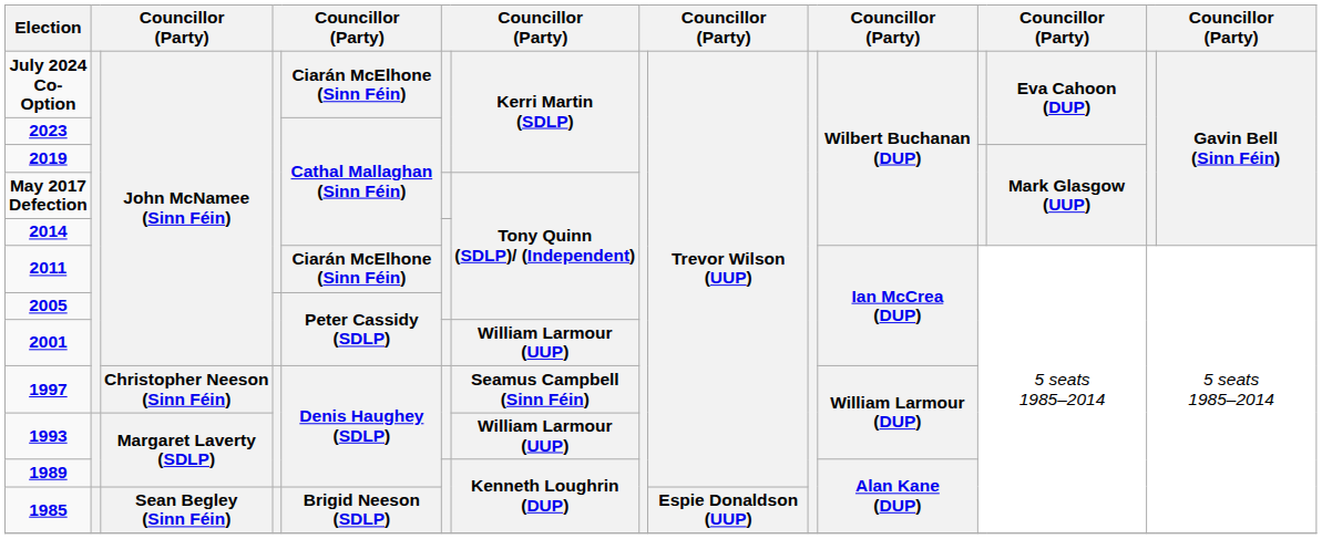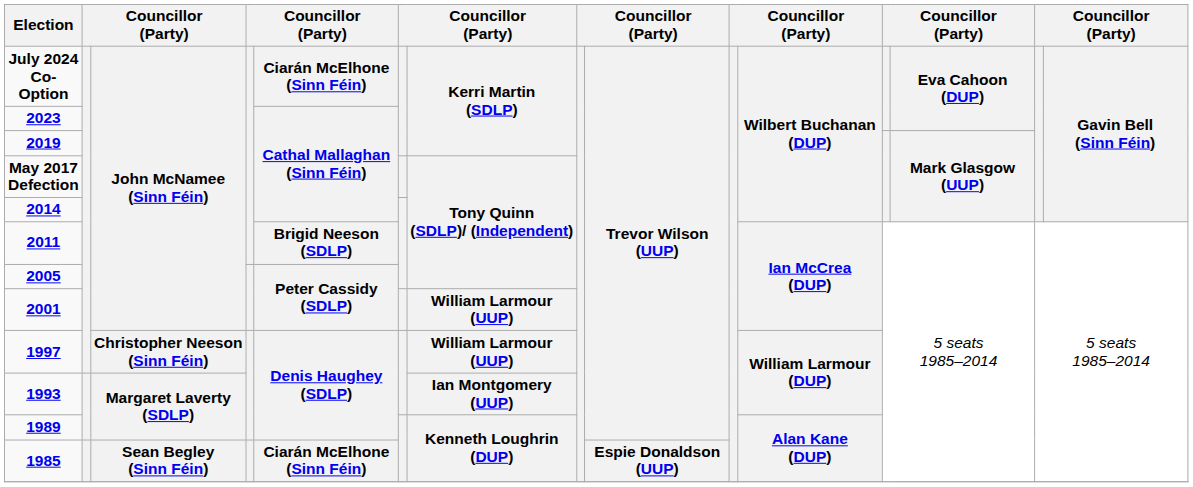 <table class="wikitable" style="text-align:center">
 <tr>
 <th scope="col" width="50">Election</th>
 <th scope="col" width="150" colspan = "2">Councillor<br> (Party)</th>
 <th scope="col" width="150" colspan = "2">Councillor<br> (Party)</th>
 <th scope="col" width="150" colspan = "2">Councillor<br> (Party)</th>
 <th scope="col" width="150" colspan = "2">Councillor<br> (Party)</th>
 <th scope="col" width="150" colspan = "2">Councillor<br> (Party)</th>
 <th scope="col" width="150" colspan = "2">Councillor<br> (Party)</th>
 <th scope="col" width="150" colspan = "2">Councillor<br> (Party)</th>
 </tr>
 <tr>
 <td><strong>July 2024 Co-Option</strong></td>
 <th rowspan="9" width="1" style="background-color: "></th>
 <th rowspan = "8">John McNamee <br> (<a href='#'>Sinn Féin</a>)</th>
 <th rowspan="6" width="1" style="background-color: "></th>
 <th rowspan = "1">Ciarán McElhone <br> (<a href='#'>Sinn Féin</a>)</th>
 <th rowspan="3" width="1" style="background-color: "></th>
 <th rowspan = "3">Kerri Martin <br> (<a href='#'>SDLP</a>)</th>
 <th rowspan="12" width="1" style="background-color: "></th>
 <th rowspan = "11">Trevor Wilson <br> (<a href='#'>UUP</a>)</th>
 <th rowspan="12" width="1" style="background-color: "></th>
 <th rowspan = "5">Wilbert Buchanan <br> (<a href='#'>DUP</a>)</th>
 <th rowspan="2" width="1" style="background-color: "></th>
 <th rowspan = "2">Eva Cahoon <br> (<a href='#'>DUP</a>)</th>
 <th rowspan="5" width="1" style="background-color: "></th>
 <th rowspan = "5">Gavin Bell <br> (<a href='#'>Sinn Féin</a>)</th>
 </tr>
 <tr>
 <td><strong><a href='#'>2023</a></strong></td>
 <th rowspan = "4"><a href='#'>Cathal Mallaghan</a> <br> (<a href='#'>Sinn Féin</a>)</th>
 </tr>
 <tr>
 <td><strong><a href='#'>2019</a></strong></td>
 <th rowspan="3" width="1" style="background-color: "></th>
 <th rowspan = "3">Mark Glasgow <br> (<a href='#'>UUP</a>)</th>
 </tr>
 <tr>
 <td><strong>May 2017 Defection</strong></td>
 <th rowspan="1" width="1" style="background-color: "></th>
 <th rowspan = "4">Tony Quinn <br> (<a href='#'>SDLP</a>)/ (<a href='#'>Independent</a>)</th>
 </tr>
 <tr>
 <td><strong><a href='#'>2014</a></strong></td>
 <th rowspan="3" width="1" style="background-color: "></th>
 </tr>
 <tr>
 <td><strong><a href='#'>2011</a></strong></td>
-<th rowspan = "1">Ciarán McElhone <br> (<a href='#'>Sinn Féin</a>)</th>
+<th rowspan = "1">Brigid Neeson <br> (<a href='#'>SDLP</a>)</th>
 <th rowspan = "3"><a href='#'>Ian McCrea</a> <br> (<a href='#'>DUP</a>)</th>
 <td colspan="2" rowspan="7" style="background-color:#FFFFFF"><em>5 seats<br>1985–2014</em></td>
 <td colspan="2" rowspan="7" style="background-color:#FFFFFF"><em>5 seats<br>1985–2014</em></td>
 </tr>
 <tr>
 <td><strong><a href='#'>2005</a></strong></td>
 <th rowspan="2" width="1" style="background-color: "></th>
 <th rowspan = "2">Peter Cassidy <br> (<a href='#'>SDLP</a>)</th>
 </tr>
 <tr>
 <td><strong><a href='#'>2001</a></strong></td>
 <th rowspan="1" width="1" style="background-color: "></th>
 <th rowspan = "1">William Larmour <br> (<a href='#'>UUP</a>)</th>
 </tr>
 <tr>
 <td><strong><a href='#'>1997</a></strong></td>
 <th rowspan = "1">Christopher Neeson <br> (<a href='#'>Sinn Féin</a>)</th>
 <th rowspan="3" width="1" style="background-color: "></th>
 <th rowspan = "3"><a href='#'>Denis Haughey</a> <br> (<a href='#'>SDLP</a>)</th>
 <th rowspan="2" width="1" style="background-color: "></th>
-<th rowspan = "1">Seamus Campbell <br> (<a href='#'>Sinn Féin</a>)</th>
+<th rowspan = "1">William Larmour <br> (<a href='#'>UUP</a>)</th>
 <th rowspan = "2">William Larmour <br> (<a href='#'>DUP</a>)</th>
 </tr>
 <tr>
 <td><strong><a href='#'>1993</a></strong></td>
 <th rowspan="2" width="1" style="background-color: "></th>
 <th rowspan = "2">Margaret Laverty <br> (<a href='#'>SDLP</a>)</th>
-<th rowspan = "1">William Larmour <br> (<a href='#'>UUP</a>)</th>
+<th rowspan = "1">Ian Montgomery <br> (<a href='#'>UUP</a>)</th>
 </tr>
 <tr>
 <td><strong><a href='#'>1989</a></strong></td>
 <th rowspan="2" width="1" style="background-color: "></th>
 <th rowspan = "2">Kenneth Loughrin <br> (<a href='#'>DUP</a>)</th>
 <th rowspan = "2"><a href='#'>Alan Kane</a> <br> (<a href='#'>DUP</a>)</th>
 </tr>
 <tr>
 <td><strong><a href='#'>1985</a></strong></td>
 <th rowspan="1" width="1" style="background-color: "></th>
 <th rowspan = "1">Sean Begley <br> (<a href='#'>Sinn Féin</a>)</th>
 <th rowspan="1" width="1" style="background-color: "></th>
-<th rowspan = "1">Brigid Neeson <br> (<a href='#'>SDLP</a>)</th>
+<th rowspan = "1">Ciarán McElhone <br> (<a href='#'>Sinn Féin</a>)</th>
 <th rowspan = "1">Espie Donaldson <br> (<a href='#'>UUP</a>)</th>
 </tr>
 <tr>
 </tr>
 </table>
